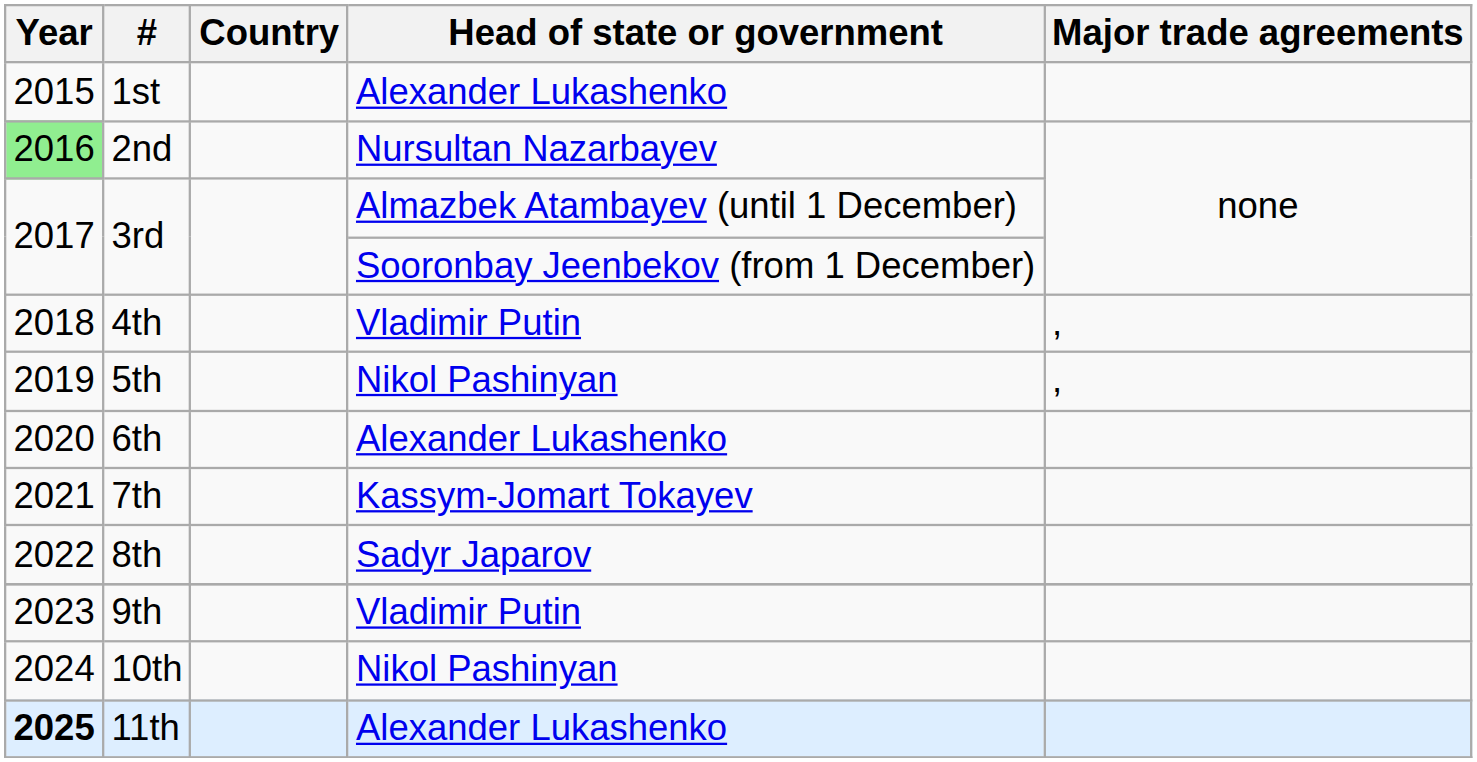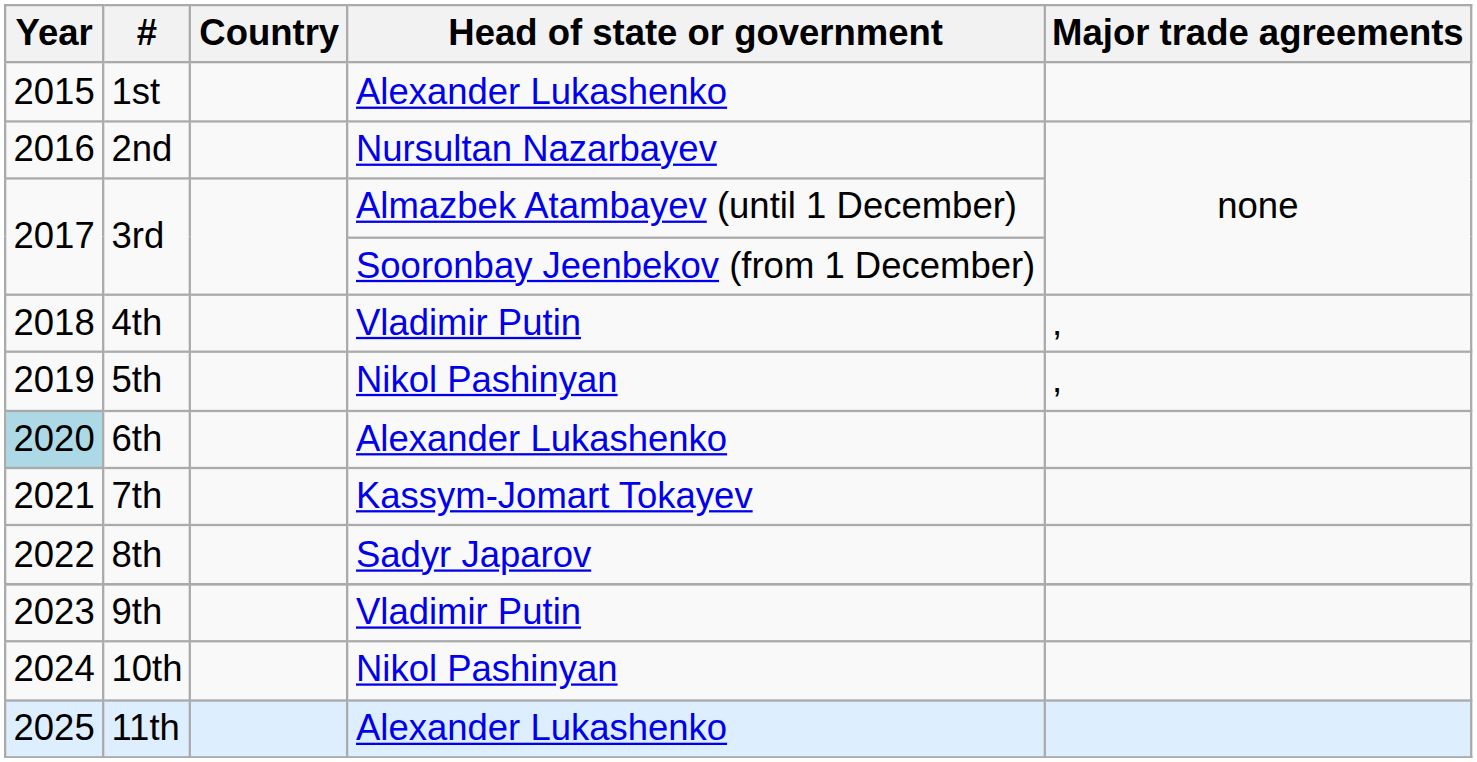 <table class="wikitable">
 <tr>
 <th>Year</th>
 <th>#</th>
 <th>Country</th>
 <th>Head of state or government</th>
 <th>Major trade agreements</th>
 </tr>
 <tr>
 <td>2015</td>
 <td>1st</td>
 <td></td>
 <td><a href='#'>Alexander Lukashenko</a></td>
 <td></td>
 </tr>
 <tr>
-<td style="background: lightgreen;">2016</td>
+<td>2016</td>
 <td>2nd</td>
 <td></td>
 <td><a href='#'>Nursultan Nazarbayev</a></td>
 <td rowspan=3 style="text-align:center;">none</td>
 </tr>
 <tr>
 <td rowspan=2>2017</td>
 <td rowspan=2>3rd</td>
 <td rowspan=2></td>
 <td><a href='#'>Almazbek Atambayev</a> (until 1 December)</td>
 </tr>
 <tr>
 <td><a href='#'>Sooronbay Jeenbekov</a> (from 1 December)</td>
 </tr>
 <tr>
 <td>2018</td>
 <td>4th</td>
 <td></td>
 <td><a href='#'>Vladimir Putin</a></td>
 <td>, </td>
 </tr>
 <tr>
 <td>2019</td>
 <td>5th</td>
 <td></td>
 <td><a href='#'>Nikol Pashinyan</a></td>
 <td>, </td>
 </tr>
 <tr>
-<td>2020</td>
+<td style="background: lightblue;">2020</td>
 <td>6th</td>
 <td></td>
 <td><a href='#'>Alexander Lukashenko</a></td>
 <td></td>
 </tr>
 <tr>
 <td>2021</td>
 <td>7th</td>
 <td></td>
 <td><a href='#'>Kassym-Jomart Tokayev</a></td>
 <td></td>
 </tr>
 <tr>
 <td>2022</td>
 <td>8th</td>
 <td></td>
 <td><a href='#'>Sadyr Japarov</a></td>
 <td></td>
 </tr>
 <tr>
 </tr>
 <tr>
 <td>2023</td>
 <td>9th</td>
 <td></td>
 <td><a href='#'>Vladimir Putin</a></td>
 <td></td>
 </tr>
 <tr>
 <td>2024</td>
 <td>10th</td>
 <td></td>
 <td><a href='#'>Nikol Pashinyan</a></td>
 <td></td>
 </tr>
 <tr bgcolor="#DDEEFF">
-<td><strong>2025</strong></td>
+<td>2025</td>
 <td>11th</td>
 <td></td>
 <td><a href='#'>Alexander Lukashenko</a></td>
 <td></td>
 </tr>
 <tr>
 </tr>
 </table>
